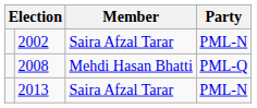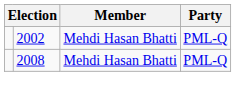 <table class="wikitable">
 <tr>
 <th colspan="2">Election</th>
 <th>Member</th>
 <th>Party</th>
 </tr>
 <tr>
 <td style="background-color: "></td>
 <td><a href='#'>2002</a></td>
-<td><a href='#'>Saira Afzal Tarar</a></td>
-<td><a href='#'>PML-N</a></td>
+<td><a href='#'>Mehdi Hasan Bhatti</a></td>
+<td><a href='#'>PML-Q</a></td>
 </tr>
 <tr>
 <td style="background-color: "></td>
 <td><a href='#'>2008</a></td>
 <td><a href='#'>Mehdi Hasan Bhatti</a></td>
 <td><a href='#'>PML-Q</a></td>
 </tr>
-<tr>
-<td style="background-color: "></td>
-<td><a href='#'>2013</a></td>
-<td><a href='#'>Saira Afzal Tarar</a></td>
-<td><a href='#'>PML-N</a></td>
-</tr>
 </table>
